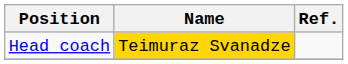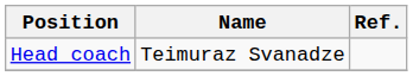 <table class="wikitable">
 <tr>
 <th>Position</th>
 <th>Name</th>
 <th>Ref.</th>
 </tr>
 <tr>
 <td><a href='#'>Head coach</a></td>
-<td style="background: gold;">Teimuraz Svanadze</td>
+<td>Teimuraz Svanadze</td>
 <td></td>
 </tr>
 <tr>
 </tr>
 </table>
